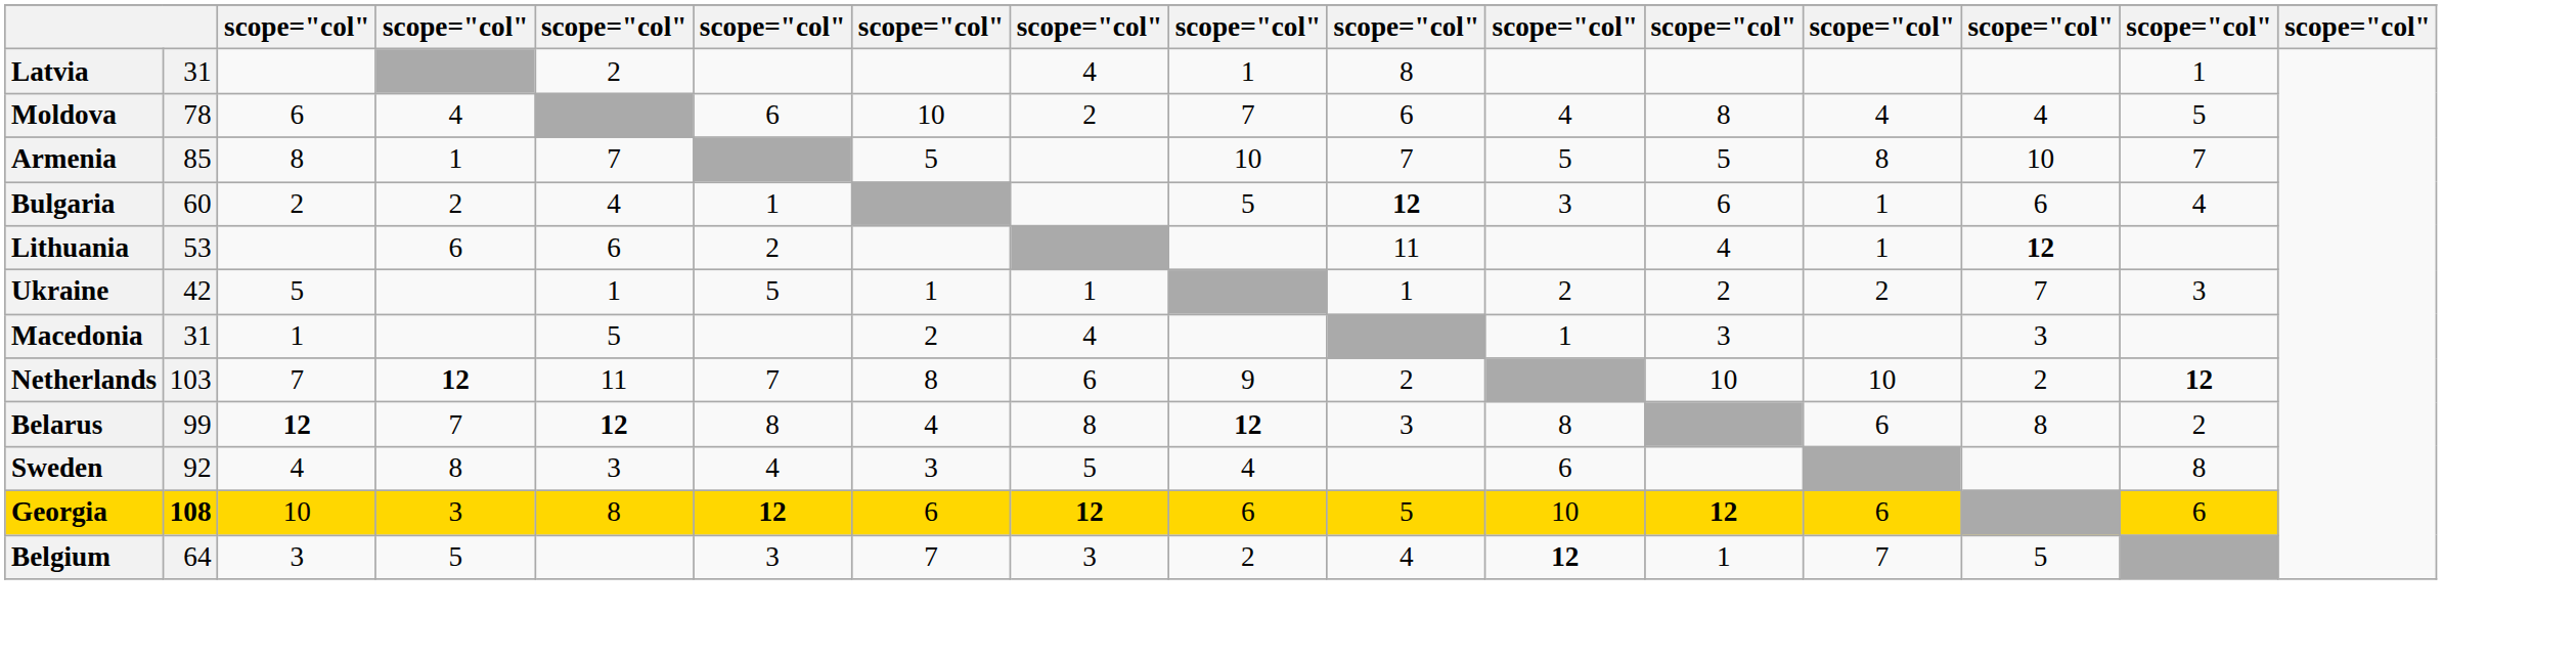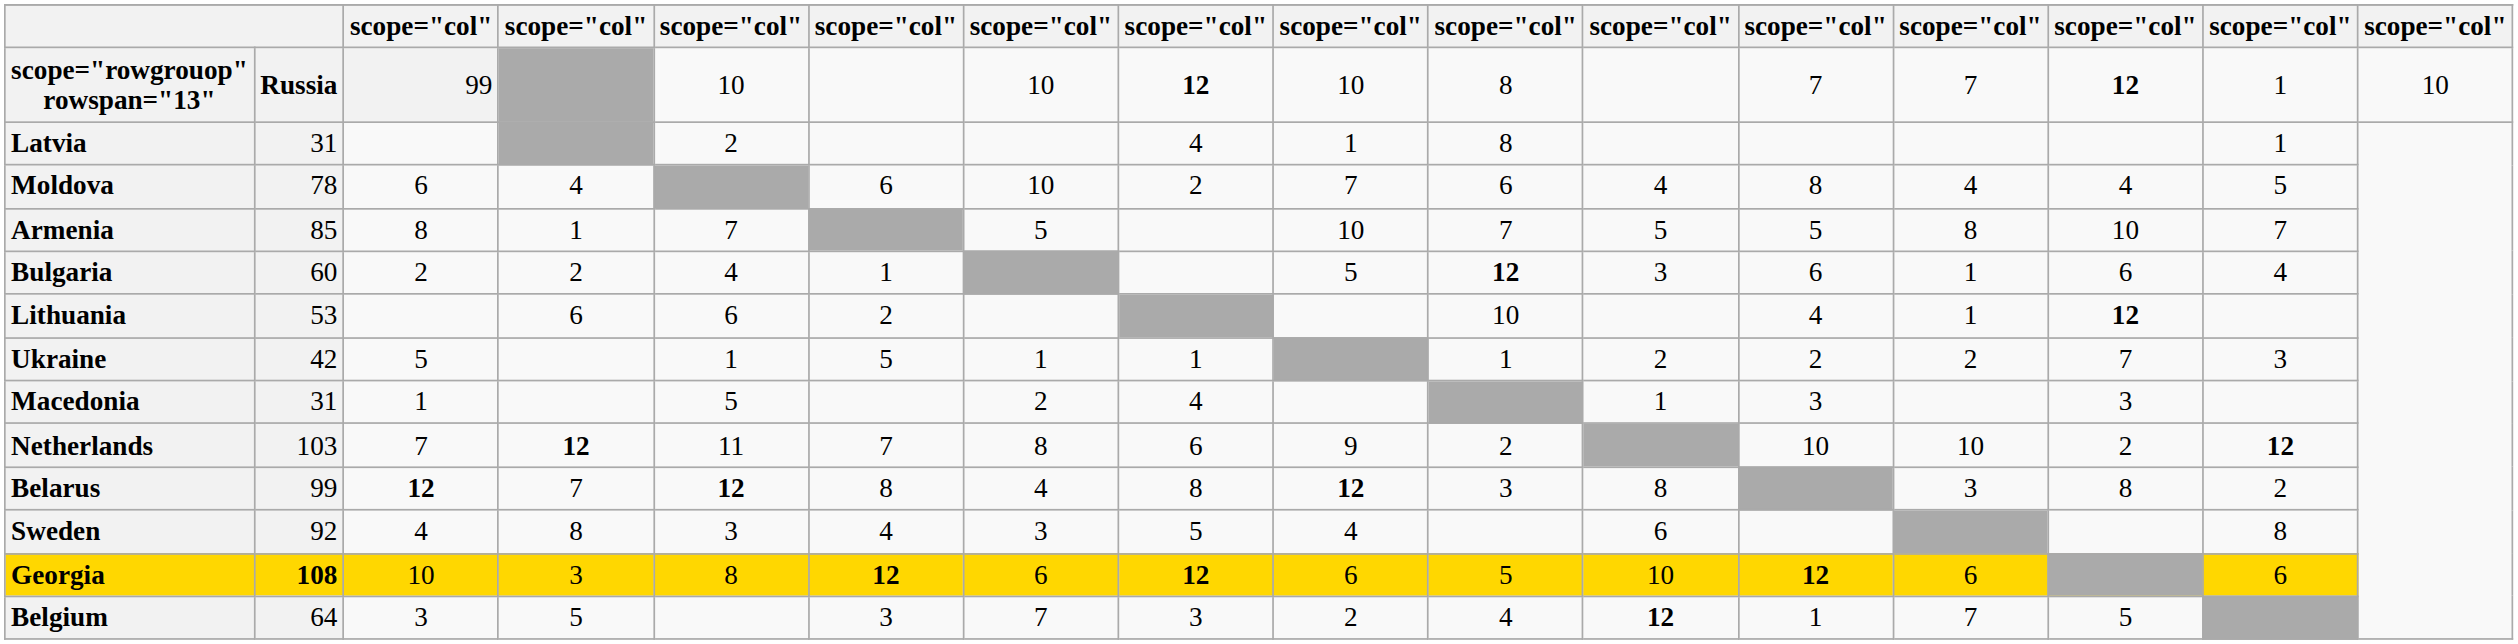 <table class="wikitable plainrowheaders" style="text-align:center;">
 <tr>
 </tr>
 <tr>
 <th colspan="2"></th>
 <th>scope="col" </th>
 <th>scope="col" </th>
 <th>scope="col" </th>
 <th>scope="col" </th>
 <th>scope="col" </th>
 <th>scope="col" </th>
 <th>scope="col" </th>
 <th>scope="col" </th>
 <th>scope="col" </th>
 <th>scope="col" </th>
 <th>scope="col" </th>
 <th>scope="col" </th>
 <th>scope="col" </th>
 <th>scope="col" </th>
+</tr>
+<tr>
+<th>scope="rowgrouop" rowspan="13" </th>
+<th scope="row" style="text-align:left; background:#f2f2f2;">Russia</th>
+<td style="text-align:right; background:#f2f2f2;">99</td>
+<td style="text-align:left; background:#aaa;"></td>
+<td>10</td>
+<td></td>
+<td>10</td>
+<td><strong>12</strong></td>
+<td>10</td>
+<td>8</td>
+<td></td>
+<td>7</td>
+<td>7</td>
+<td><strong>12</strong></td>
+<td>1</td>
+<td>10</td>
 </tr>
 <tr>
 <th scope="row" style="text-align:left; background:#f2f2f2;">Latvia</th>
 <td style="text-align:right; background:#f2f2f2;">31</td>
 <td></td>
 <td style="text-align:left; background:#aaa;"></td>
 <td>2</td>
 <td></td>
 <td></td>
 <td>4</td>
 <td>1</td>
 <td>8</td>
 <td></td>
 <td></td>
 <td></td>
 <td></td>
 <td>1</td>
 </tr>
 <tr>
 <th scope="row" style="text-align:left; background:#f2f2f2;">Moldova</th>
 <td style="text-align:right; background:#f2f2f2;">78</td>
 <td>6</td>
 <td>4</td>
 <td style="text-align:left; background:#aaa;"></td>
 <td>6</td>
 <td>10</td>
 <td>2</td>
 <td>7</td>
 <td>6</td>
 <td>4</td>
 <td>8</td>
 <td>4</td>
 <td>4</td>
 <td>5</td>
 </tr>
 <tr>
 <th scope="row" style="text-align:left; background:#f2f2f2;">Armenia</th>
 <td style="text-align:right; background:#f2f2f2;">85</td>
 <td>8</td>
 <td>1</td>
 <td>7</td>
 <td style="text-align:left; background:#aaa;"></td>
 <td>5</td>
 <td></td>
 <td>10</td>
 <td>7</td>
 <td>5</td>
 <td>5</td>
 <td>8</td>
 <td>10</td>
 <td>7</td>
 </tr>
 <tr>
 <th scope="row" style="text-align:left; background:#f2f2f2;">Bulgaria</th>
 <td style="text-align:right; background:#f2f2f2;">60</td>
 <td>2</td>
 <td>2</td>
 <td>4</td>
 <td>1</td>
 <td style="text-align:left; background:#aaa;"></td>
 <td></td>
 <td>5</td>
 <td><strong>12</strong></td>
 <td>3</td>
 <td>6</td>
 <td>1</td>
 <td>6</td>
 <td>4</td>
 </tr>
 <tr>
 <th scope="row" style="text-align:left; background:#f2f2f2;">Lithuania</th>
 <td style="text-align:right; background:#f2f2f2;">53</td>
 <td></td>
 <td>6</td>
 <td>6</td>
 <td>2</td>
 <td></td>
 <td style="text-align:left; background:#aaa;"></td>
 <td></td>
-<td>11</td>
+<td>10</td>
 <td></td>
 <td>4</td>
 <td>1</td>
 <td><strong>12</strong></td>
 <td></td>
 </tr>
 <tr>
 <th scope="row" style="text-align:left; background:#f2f2f2;">Ukraine</th>
 <td style="text-align:right; background:#f2f2f2;">42</td>
 <td>5</td>
 <td></td>
 <td>1</td>
 <td>5</td>
 <td>1</td>
 <td>1</td>
 <td style="text-align:left; background:#aaa;"></td>
 <td>1</td>
 <td>2</td>
 <td>2</td>
 <td>2</td>
 <td>7</td>
 <td>3</td>
 </tr>
 <tr>
 <th scope="row" style="text-align:left; background:#f2f2f2;">Macedonia</th>
 <td style="text-align:right; background:#f2f2f2;">31</td>
 <td>1</td>
 <td></td>
 <td>5</td>
 <td></td>
 <td>2</td>
 <td>4</td>
 <td></td>
 <td style="text-align:left; background:#aaa;"></td>
 <td>1</td>
 <td>3</td>
 <td></td>
 <td>3</td>
 <td></td>
 </tr>
 <tr>
 <th scope="row" style="text-align:left; background:#f2f2f2;">Netherlands</th>
 <td style="text-align:right; background:#f2f2f2;">103</td>
 <td>7</td>
 <td><strong>12</strong></td>
 <td>11</td>
 <td>7</td>
 <td>8</td>
 <td>6</td>
 <td>9</td>
 <td>2</td>
 <td style="text-align:left; background:#aaa;"></td>
 <td>10</td>
 <td>10</td>
 <td>2</td>
 <td><strong>12</strong></td>
 </tr>
 <tr>
 <th scope="row" style="text-align:left; background:#f2f2f2;">Belarus</th>
 <td style="text-align:right; background:#f2f2f2;">99</td>
 <td><strong>12</strong></td>
 <td>7</td>
 <td><strong>12</strong></td>
 <td>8</td>
 <td>4</td>
 <td>8</td>
 <td><strong>12</strong></td>
 <td>3</td>
 <td>8</td>
 <td style="text-align:left; background:#aaa;"></td>
-<td>6</td>
+<td>3</td>
 <td>8</td>
 <td>2</td>
 </tr>
 <tr>
 <th scope="row" style="text-align:left; background:#f2f2f2;">Sweden</th>
 <td style="text-align:right; background:#f2f2f2;">92</td>
 <td>4</td>
 <td>8</td>
 <td>3</td>
 <td>4</td>
 <td>3</td>
 <td>5</td>
 <td>4</td>
 <td></td>
 <td>6</td>
 <td></td>
 <td style="text-align:left; background:#aaa;"></td>
 <td></td>
 <td>8</td>
 </tr>
 <tr style="background:gold;">
 <th scope="row" style="text-align:left; font-weight:bold; background:gold;">Georgia</th>
 <td style="text-align:right; font-weight:bold;">108</td>
 <td>10</td>
 <td>3</td>
 <td>8</td>
 <td><strong>12</strong></td>
 <td>6</td>
 <td><strong>12</strong></td>
 <td>6</td>
 <td>5</td>
 <td>10</td>
 <td><strong>12</strong></td>
 <td>6</td>
 <td style="text-align:left; background:#aaa;"></td>
 <td>6</td>
 </tr>
 <tr>
 <th scope="row" style="text-align:left; background:#f2f2f2;">Belgium</th>
 <td style="text-align:right; background:#f2f2f2;">64</td>
 <td>3</td>
 <td>5</td>
 <td></td>
 <td>3</td>
 <td>7</td>
 <td>3</td>
 <td>2</td>
 <td>4</td>
 <td><strong>12</strong></td>
 <td>1</td>
 <td>7</td>
 <td>5</td>
 <td style="text-align:left; background:#aaa;"></td>
 </tr>
 </table>
